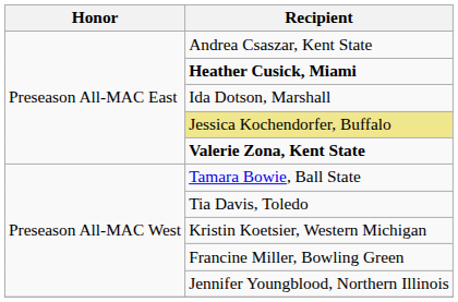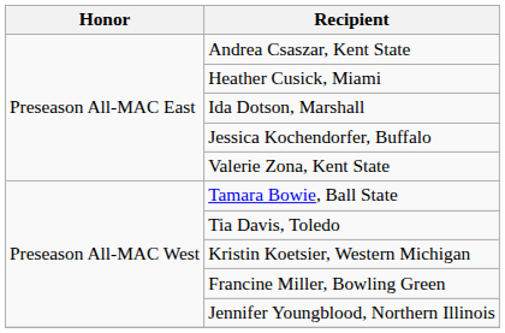 <table class="wikitable" border="1">
 <tr>
 <th>Honor</th>
 <th>Recipient</th>
 </tr>
 <tr>
 <td rowspan=5 valign=middle>Preseason All-MAC East</td>
 <td>Andrea Csaszar, Kent State</td>
 </tr>
 <tr>
-<td><strong>Heather Cusick, Miami</strong></td>
+<td>Heather Cusick, Miami</td>
 </tr>
 <tr>
 <td>Ida Dotson, Marshall</td>
 </tr>
 <tr>
-<td style="background: khaki;">Jessica Kochendorfer, Buffalo</td>
+<td>Jessica Kochendorfer, Buffalo</td>
 </tr>
 <tr>
-<td><strong>Valerie Zona, Kent State</strong></td>
+<td>Valerie Zona, Kent State</td>
 </tr>
 <tr>
 <td rowspan=5 valign=middle>Preseason All-MAC West</td>
 <td><a href='#'>Tamara Bowie</a>, Ball State</td>
 </tr>
 <tr>
 <td>Tia Davis, Toledo</td>
 </tr>
 <tr>
 <td>Kristin Koetsier, Western Michigan</td>
 </tr>
 <tr>
 <td>Francine Miller, Bowling Green</td>
 </tr>
 <tr>
 <td>Jennifer Youngblood, Northern Illinois</td>
 </tr>
 <tr>
 </tr>
 </table>
